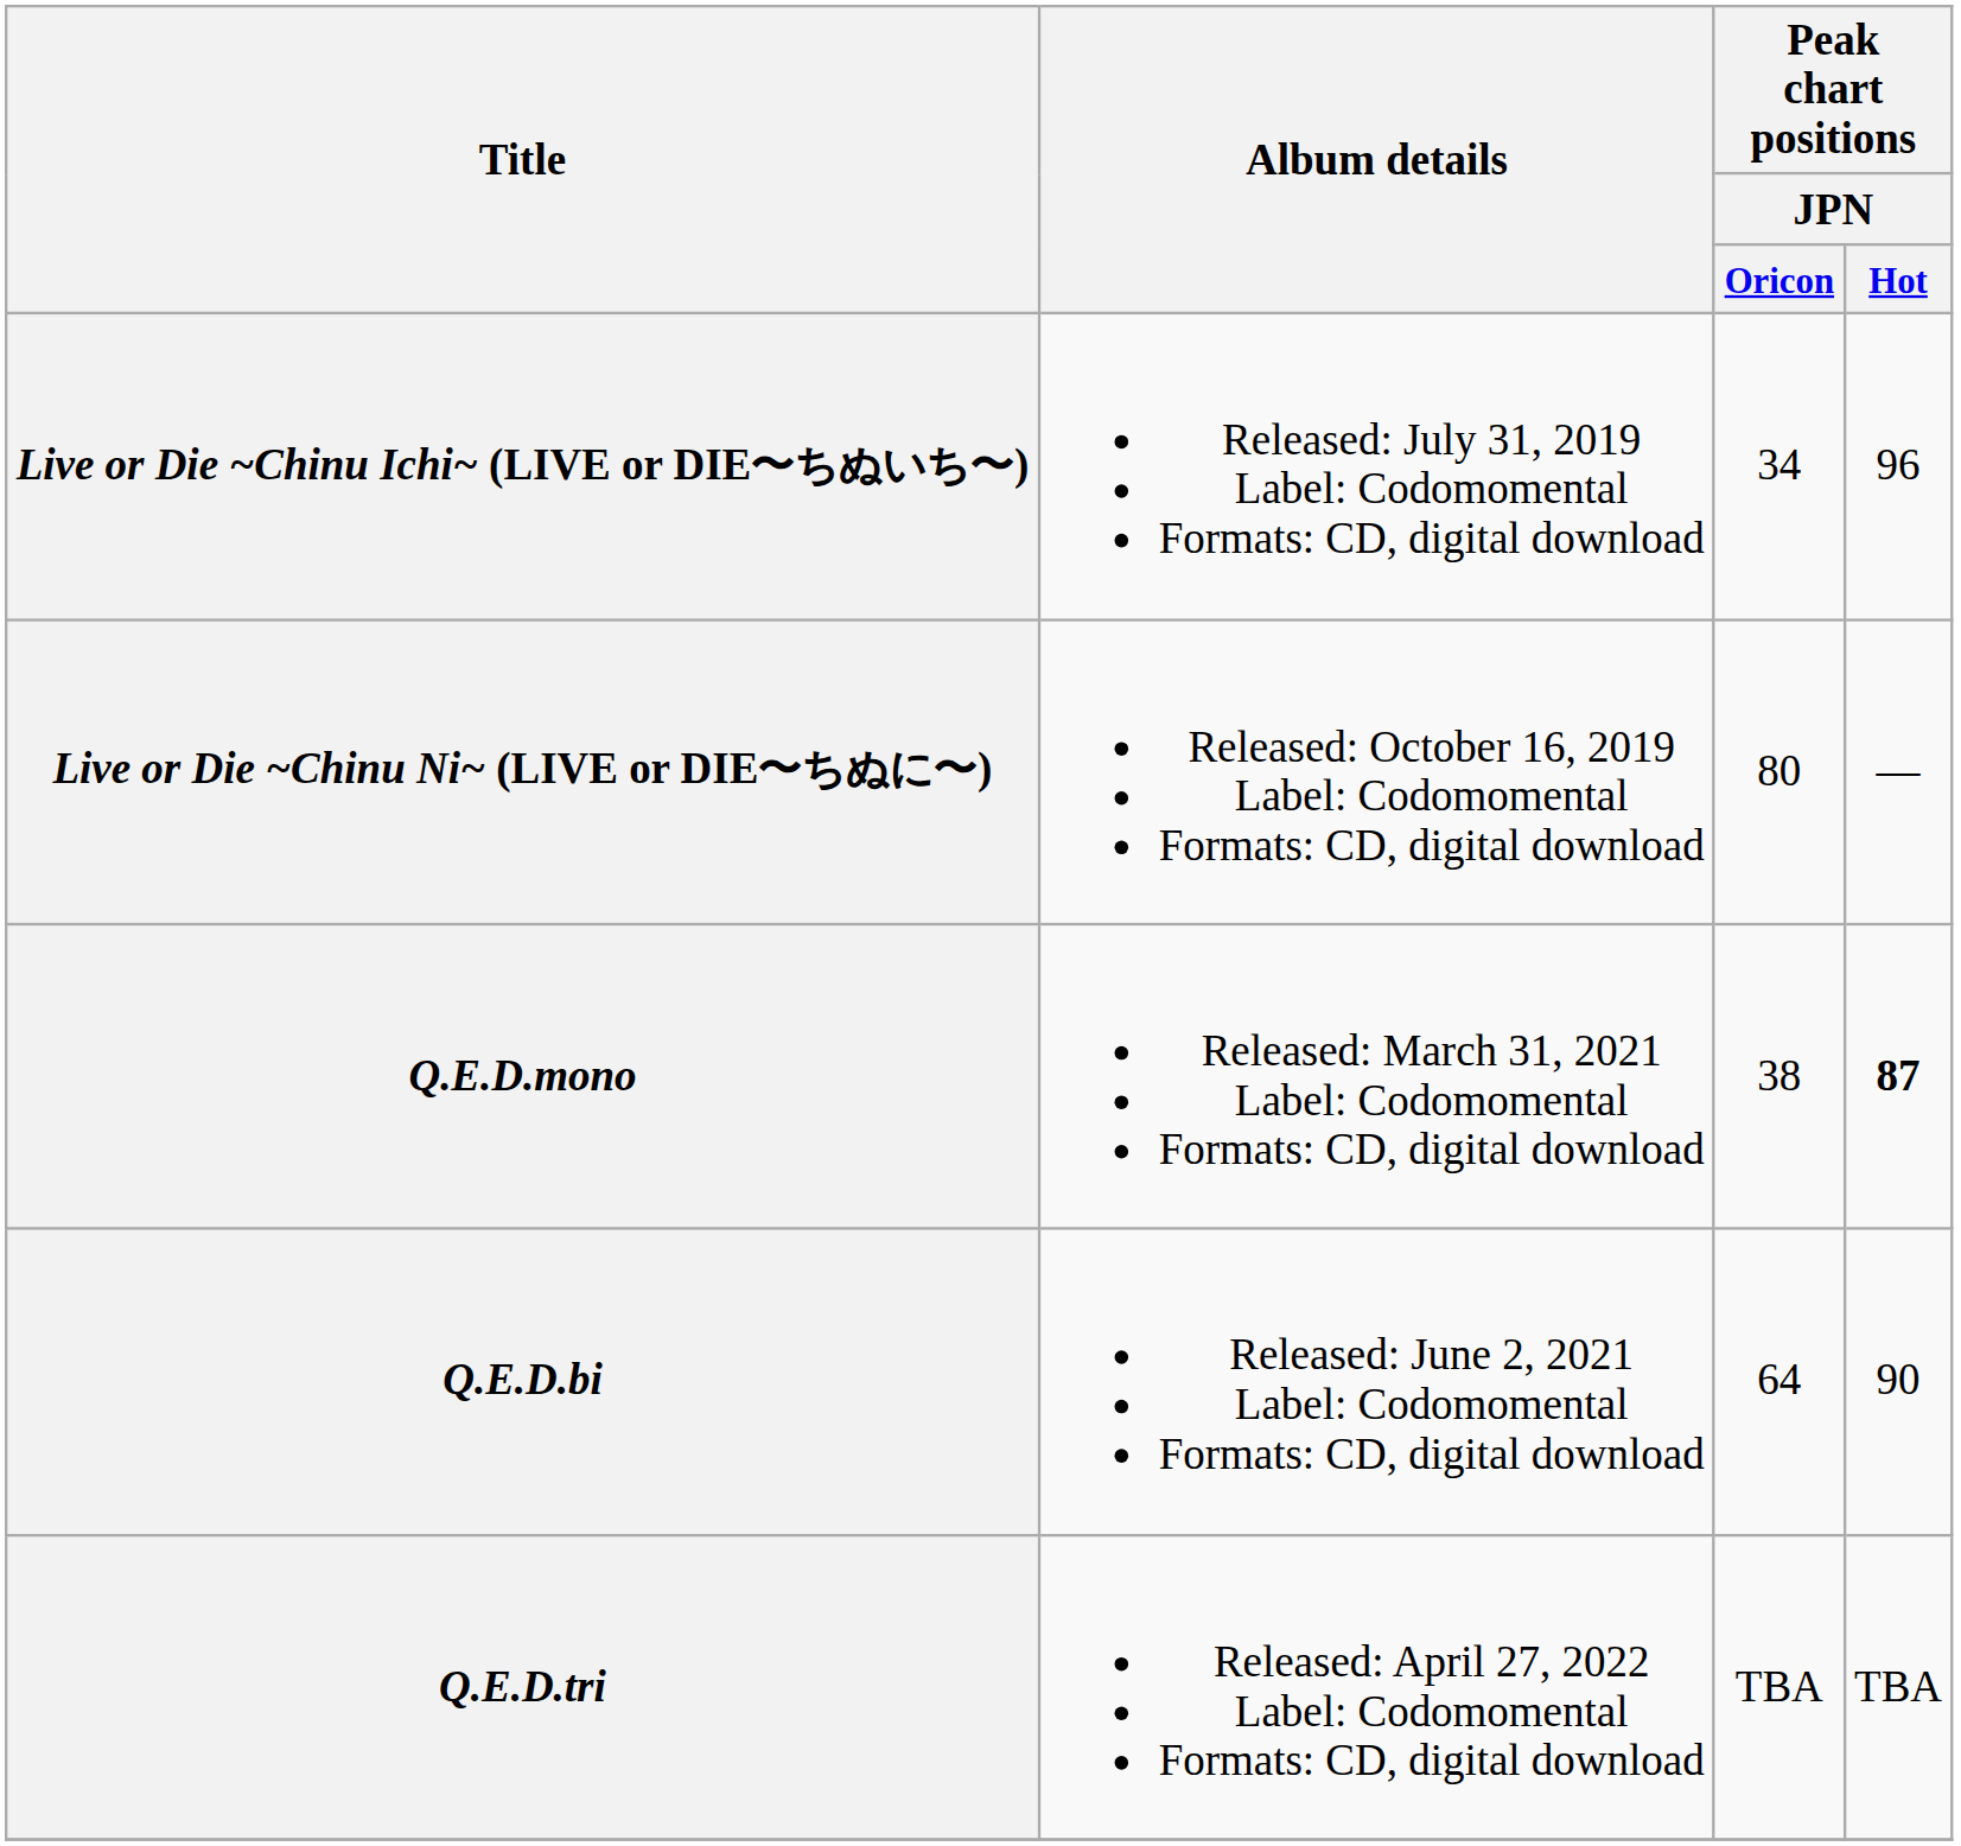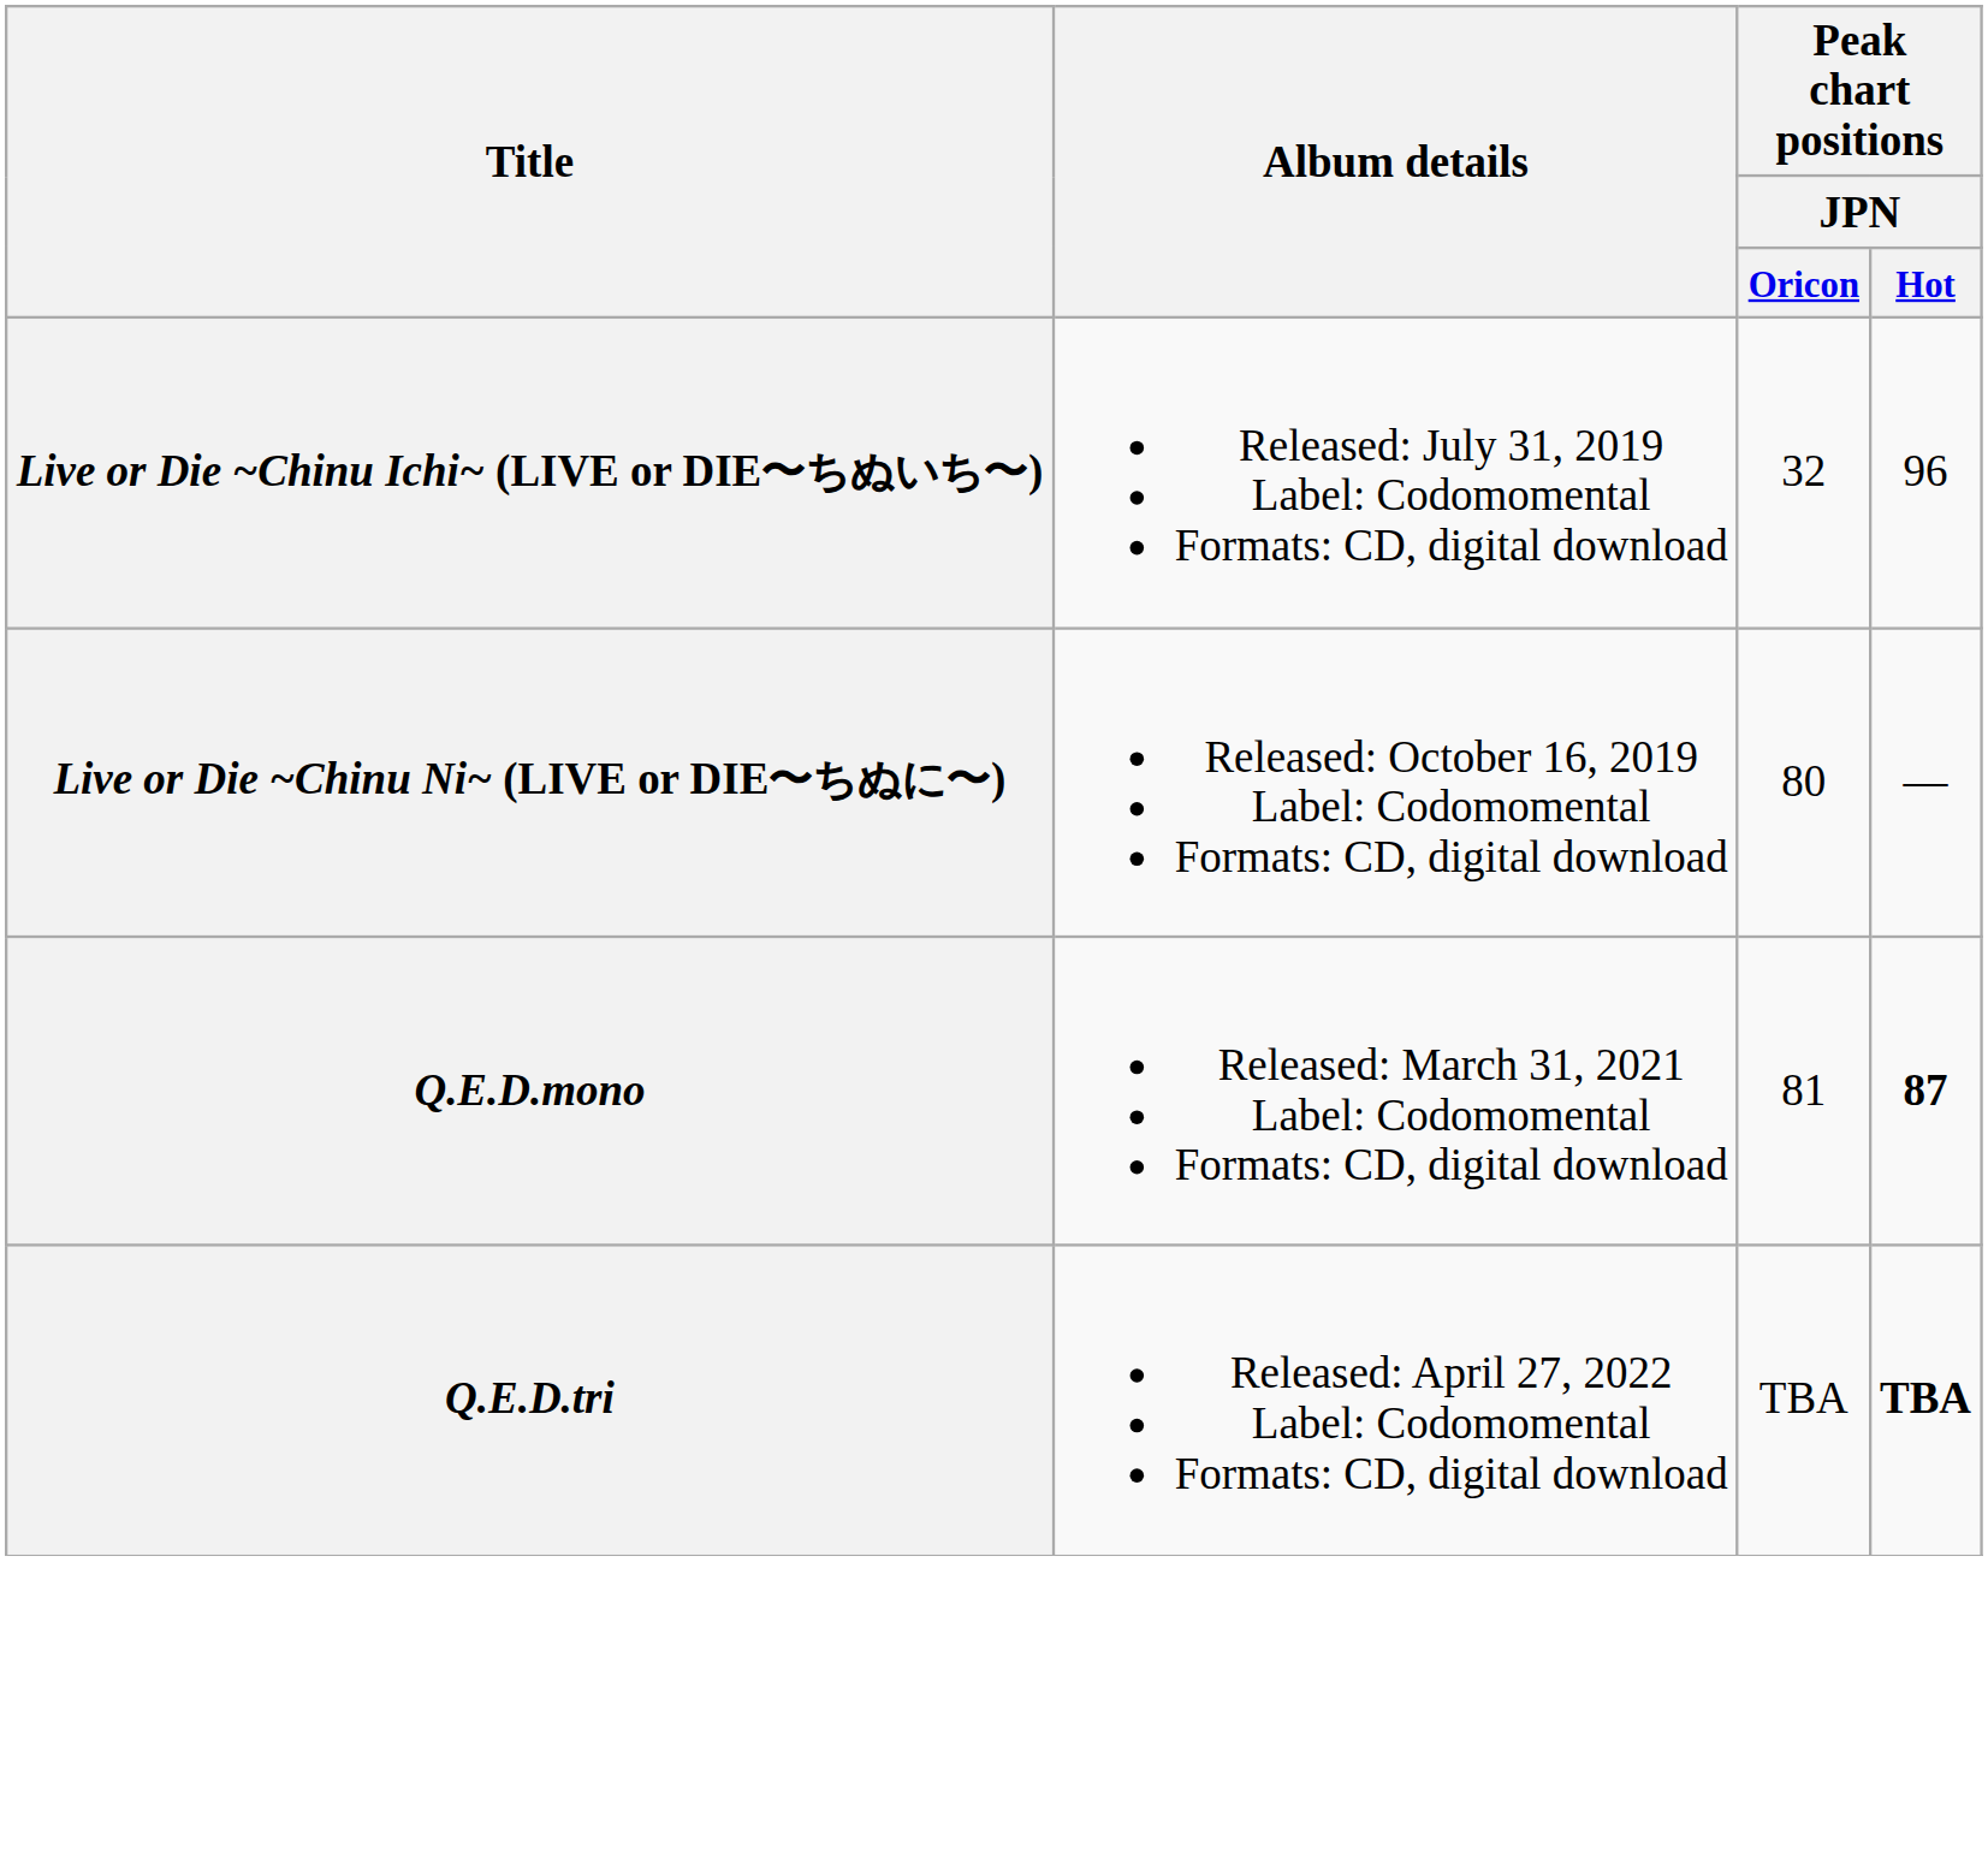 <table class="wikitable plainrowheaders" style="text-align:center;">
 <tr>
 <th scope="col" rowspan="3">Title</th>
 <th scope="col" rowspan="3">Album details</th>
 <th scope="col" colspan="2">Peak <br> chart <br> positions</th>
 </tr>
 <tr>
 <th colspan="2">JPN</th>
 </tr>
 <tr>
 <th scope="col" colspan="1"><small><a href='#'>Oricon</a></small></th>
 <th scope="col" colspan="1"><small><a href='#'>Hot</a></small></th>
 </tr>
 <tr>
 <th scope="row"><em>Live or Die ~Chinu Ichi~</em> (LIVE or DIE〜ちぬいち〜)</th>
 <td><br><ul><li>Released: July 31, 2019</li><li>Label: Codomomental</li><li>Formats: CD, digital download</li></ul></td>
-<td>34</td>
+<td>32</td>
 <td>96</td>
 </tr>
 <tr>
 <th scope="row"><em>Live or Die ~Chinu Ni~</em> (LIVE or DIE〜ちぬに〜)</th>
 <td><br><ul><li>Released: October 16, 2019</li><li>Label: Codomomental</li><li>Formats: CD, digital download</li></ul></td>
 <td>80</td>
 <td>—</td>
 </tr>
 <tr>
 <th scope="row"><em>Q.E.D.mono</em></th>
 <td><br><ul><li>Released: March 31, 2021</li><li>Label: Codomomental</li><li>Formats: CD, digital download</li></ul></td>
-<td>38</td>
+<td>81</td>
 <td><strong>87</strong></td>
-</tr>
-<tr>
-<th scope="row"><em>Q.E.D.bi</em></th>
-<td><br><ul><li>Released: June 2, 2021</li><li>Label: Codomomental</li><li>Formats: CD, digital download</li></ul></td>
-<td>64</td>
-<td>90</td>
 </tr>
 <tr>
 <th scope="row"><em>Q.E.D.tri</em></th>
 <td><br><ul><li>Released: April 27, 2022</li><li>Label: Codomomental</li><li>Formats: CD, digital download</li></ul></td>
 <td>TBA</td>
-<td>TBA</td>
+<td><strong>TBA</strong></td>
 </tr>
 <tr>
 </tr>
 </table>
